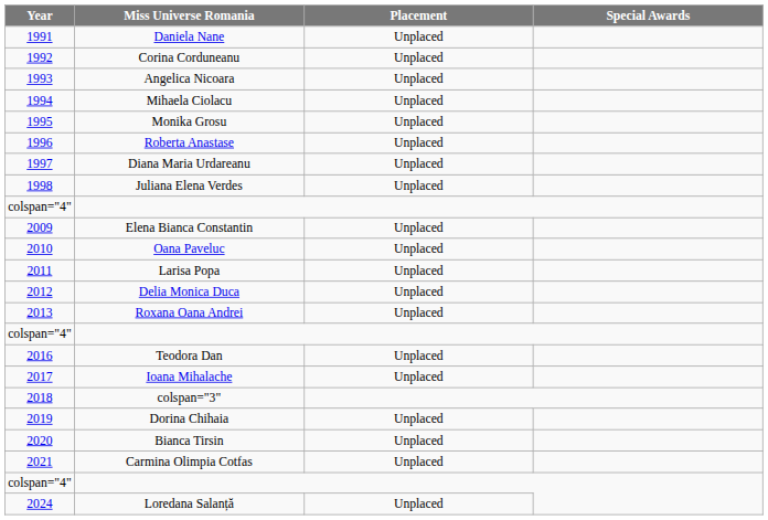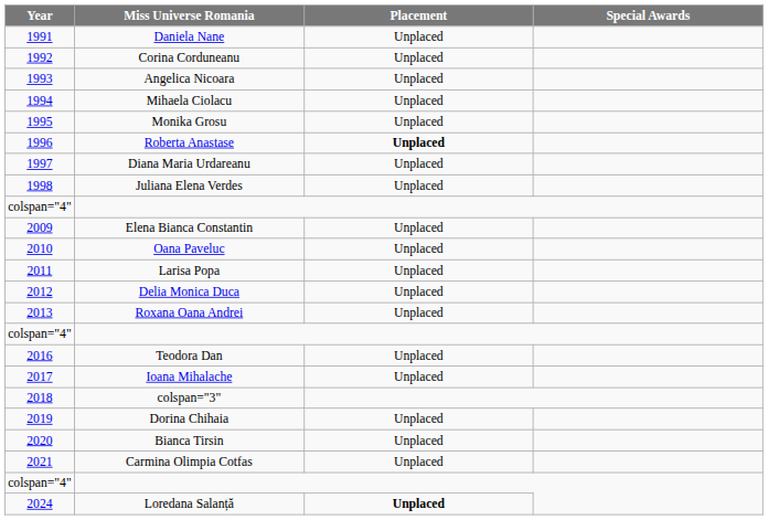 <table class="wikitable sortable" style="font-size: 90%; text-align:center">
 <tr>
 <th width="60" style="background-color:#787878;color:#FFFFFF;">Year</th>
 <th width="250" style="background-color:#787878;color:#FFFFFF;">Miss Universe Romania</th>
 <th width="250" style="background-color:#787878;color:#FFFFFF;">Placement</th>
 <th width="250" style="background-color:#787878;color:#FFFFFF;">Special Awards</th>
 </tr>
 <tr>
 <td><a href='#'>1991</a></td>
 <td><a href='#'>Daniela Nane</a></td>
 <td>Unplaced</td>
 <td></td>
 </tr>
 <tr>
 <td><a href='#'>1992</a></td>
 <td>Corina Corduneanu</td>
 <td>Unplaced</td>
 <td></td>
 </tr>
 <tr>
 <td><a href='#'>1993</a></td>
 <td>Angelica Nicoara</td>
 <td>Unplaced</td>
 <td></td>
 </tr>
 <tr>
 <td><a href='#'>1994</a></td>
 <td>Mihaela Ciolacu</td>
 <td>Unplaced</td>
 <td></td>
 </tr>
 <tr>
 <td><a href='#'>1995</a></td>
 <td>Monika Grosu</td>
 <td>Unplaced</td>
 <td></td>
 </tr>
 <tr>
 <td><a href='#'>1996</a></td>
 <td><a href='#'>Roberta Anastase</a></td>
-<td>Unplaced</td>
+<td><strong>Unplaced</strong></td>
 <td></td>
 </tr>
 <tr>
 <td><a href='#'>1997</a></td>
 <td>Diana Maria Urdareanu</td>
 <td>Unplaced</td>
 <td></td>
 </tr>
 <tr>
 <td><a href='#'>1998</a></td>
 <td>Juliana Elena Verdes</td>
 <td>Unplaced</td>
 <td></td>
 </tr>
 <tr>
 <td>colspan="4" </td>
 </tr>
 <tr>
 <td><a href='#'>2009</a></td>
 <td>Elena Bianca Constantin</td>
 <td>Unplaced</td>
 <td></td>
 </tr>
 <tr>
 <td><a href='#'>2010</a></td>
 <td><a href='#'>Oana Paveluc</a></td>
 <td>Unplaced</td>
 <td></td>
 </tr>
 <tr>
 <td><a href='#'>2011</a></td>
 <td>Larisa Popa</td>
 <td>Unplaced</td>
 <td></td>
 </tr>
 <tr>
 <td><a href='#'>2012</a></td>
 <td><a href='#'>Delia Monica Duca</a></td>
 <td>Unplaced</td>
 <td></td>
 </tr>
 <tr>
 <td><a href='#'>2013</a></td>
 <td><a href='#'>Roxana Oana Andrei</a></td>
 <td>Unplaced</td>
 <td></td>
 </tr>
 <tr>
 <td>colspan="4" </td>
 </tr>
 <tr>
 <td><a href='#'>2016</a></td>
 <td>Teodora Dan</td>
 <td>Unplaced</td>
 <td></td>
 </tr>
 <tr>
 <td><a href='#'>2017</a></td>
 <td><a href='#'>Ioana Mihalache</a></td>
 <td>Unplaced</td>
 <td></td>
 </tr>
 <tr>
 <td><a href='#'>2018</a></td>
 <td>colspan="3" </td>
 </tr>
 <tr>
 <td><a href='#'>2019</a></td>
 <td>Dorina Chihaia</td>
 <td>Unplaced</td>
 <td></td>
 </tr>
 <tr>
 <td><a href='#'>2020</a></td>
 <td>Bianca Tirsin</td>
 <td>Unplaced</td>
 <td></td>
 </tr>
 <tr>
 <td><a href='#'>2021</a></td>
 <td>Carmina Olimpia Cotfas</td>
 <td>Unplaced</td>
 <td></td>
 </tr>
 <tr>
 <td>colspan="4" </td>
 </tr>
 <tr>
 <td><a href='#'>2024</a></td>
 <td>Loredana Salanță</td>
-<td>Unplaced</td>
+<td><strong>Unplaced</strong></td>
 </tr>
 </table>
